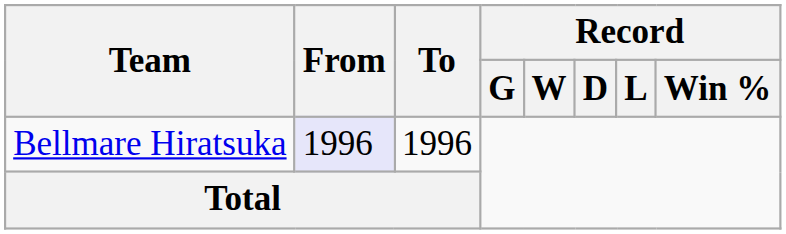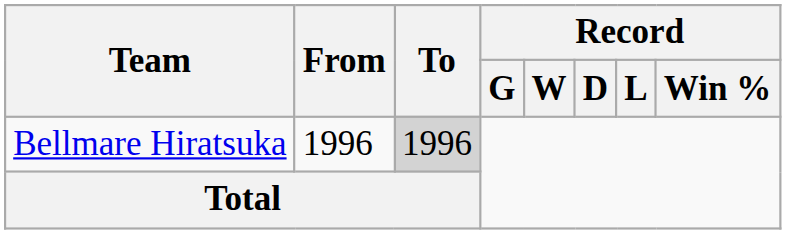 <table class="wikitable" style="text-align: center">
 <tr>
 <th rowspan="2">Team</th>
 <th rowspan="2">From</th>
 <th rowspan="2">To</th>
 <th colspan="5">Record</th>
 </tr>
 <tr>
 <th>G</th>
 <th>W</th>
 <th>D</th>
 <th>L</th>
 <th>Win %</th>
 </tr>
 <tr>
 <td align="left"><a href='#'>Bellmare Hiratsuka</a></td>
-<td align="left" style="background: lavender;">1996</td>
-<td align="left">1996<br></td>
+<td align="left">1996</td>
+<td align="left" style="background: lightgrey;">1996<br></td>
 </tr>
 <tr>
 <th colspan="3">Total<br></th>
 </tr>
 </table>
